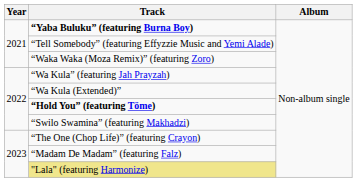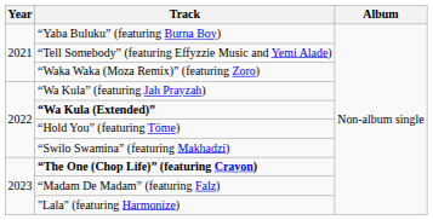 <table class="wikitable">
 <tr>
 <th>Year</th>
 <th>Track</th>
 <th>Album</th>
 </tr>
 <tr>
 <td rowspan="3">2021</td>
-<td><strong>“Yaba Buluku” (featuring <a href='#'>Burna Boy</a>)</strong></td>
+<td>“Yaba Buluku” (featuring <a href='#'>Burna Boy</a>)</td>
 <td rowspan="10">Non-album single</td>
 </tr>
 <tr>
 <td>“Tell Somebody” (featuring Effyzzie Music and <a href='#'>Yemi Alade</a>)</td>
 </tr>
 <tr>
 <td>“Waka Waka (Moza Remix)” (featuring <a href='#'>Zoro</a>)</td>
 </tr>
 <tr>
 <td rowspan="4">2022</td>
 <td>“Wa Kula” (featuring <a href='#'>Jah Prayzah</a>)</td>
 </tr>
 <tr>
-<td>“Wa Kula (Extended)”</td>
+<td><strong>“Wa Kula (Extended)”</strong></td>
 </tr>
 <tr>
-<td><strong>“Hold You” (featuring <a href='#'>Töme</a>)</strong></td>
+<td>“Hold You” (featuring <a href='#'>Töme</a>)</td>
 </tr>
 <tr>
 <td>“Swilo Swamina” (featuring <a href='#'>Makhadzi</a>)</td>
 </tr>
 <tr>
 <td rowspan="3">2023</td>
-<td>“The One (Chop Life)” (featuring <a href='#'>Crayon</a>)</td>
+<td><strong>“The One (Chop Life)” (featuring <a href='#'>Crayon</a>)</strong></td>
 </tr>
 <tr>
 <td>“Madam De Madam” (featuring <a href='#'>Falz</a>)</td>
 </tr>
 <tr>
-<td style="background: khaki;">"Lala" (featuring <a href='#'>Harmonize</a>)</td>
+<td>"Lala" (featuring <a href='#'>Harmonize</a>)</td>
 </tr>
 </table>
